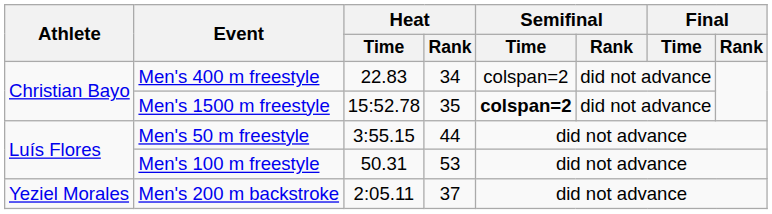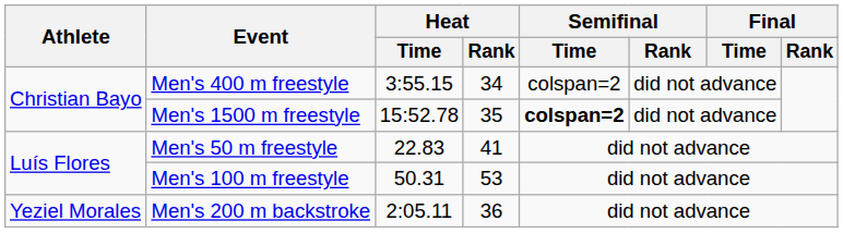 <table class=wikitable style="font-size:90%">
 <tr>
 <th rowspan="2">Athlete</th>
 <th rowspan="2">Event</th>
 <th colspan="2">Heat</th>
 <th colspan="2">Semifinal</th>
 <th colspan="2">Final</th>
 </tr>
 <tr style="font-size:95%">
 <th>Time</th>
 <th>Rank</th>
 <th>Time</th>
 <th>Rank</th>
 <th>Time</th>
 <th>Rank</th>
 </tr>
 <tr align=center>
 <td align=left rowspan=2><a href='#'>Christian Bayo</a></td>
 <td align=left><a href='#'>Men's 400 m freestyle</a></td>
-<td>22.83</td>
+<td>3:55.15</td>
 <td>34</td>
 <td>colspan=2 </td>
 <td colspan=2>did not advance</td>
 </tr>
 <tr align=center>
 <td align=left><a href='#'>Men's 1500 m freestyle</a></td>
 <td>15:52.78</td>
 <td>35</td>
 <td><strong>colspan=2 </strong></td>
 <td colspan=2>did not advance</td>
 </tr>
 <tr align=center>
 <td align=left rowspan=2><a href='#'>Luís Flores</a></td>
 <td align=left><a href='#'>Men's 50 m freestyle</a></td>
-<td>3:55.15</td>
-<td>44</td>
+<td>22.83</td>
+<td>41</td>
 <td colspan=4>did not advance</td>
 </tr>
 <tr align=center>
 <td align=left><a href='#'>Men's 100 m freestyle</a></td>
 <td>50.31</td>
 <td>53</td>
 <td colspan=4>did not advance</td>
 </tr>
 <tr align=center>
 <td align=left><a href='#'>Yeziel Morales</a></td>
 <td align=left><a href='#'>Men's 200 m backstroke</a></td>
 <td>2:05.11</td>
-<td>37</td>
+<td>36</td>
 <td colspan=4>did not advance</td>
 </tr>
 </table>
